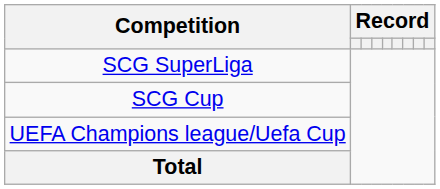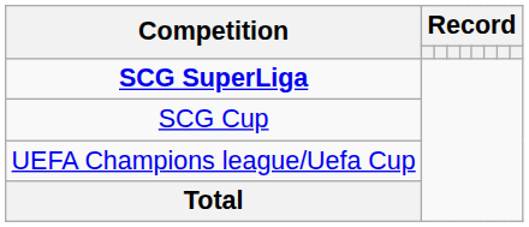 <table class="wikitable" style="text-align: center">
 <tr>
 <th rowspan=2>Competition</th>
 <th colspan=8>Record</th>
 </tr>
 <tr>
 <th></th>
 <th></th>
 <th></th>
 <th></th>
 <th></th>
 <th></th>
 <th></th>
 <th></th>
 </tr>
 <tr>
-<td><a href='#'>SCG SuperLiga</a><br></td>
+<td><strong><a href='#'>SCG SuperLiga</a><br></strong></td>
 </tr>
 <tr>
 <td><a href='#'>SCG Cup</a><br></td>
 </tr>
 <tr>
 <td><a href='#'>UEFA Champions league/Uefa Cup</a><br></td>
 </tr>
 <tr>
 <th>Total<br></th>
 </tr>
 </table>
